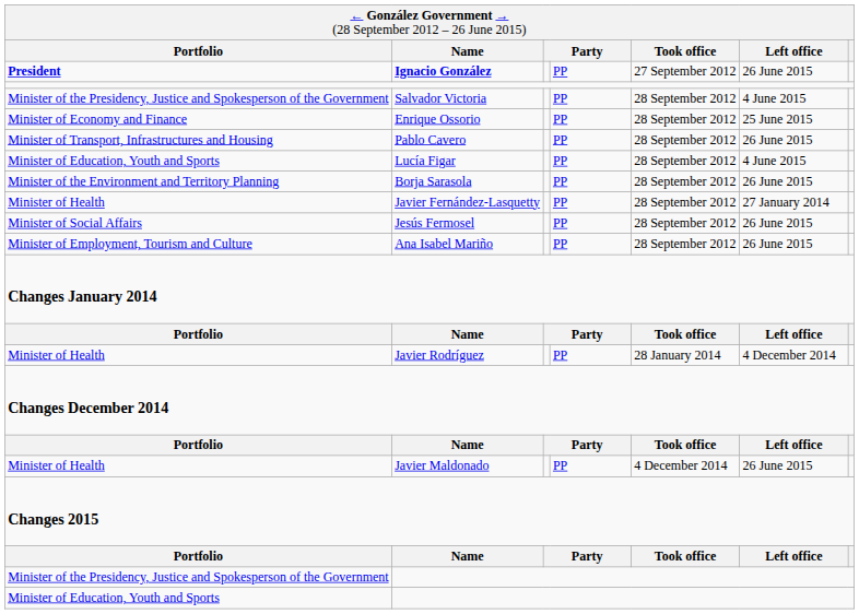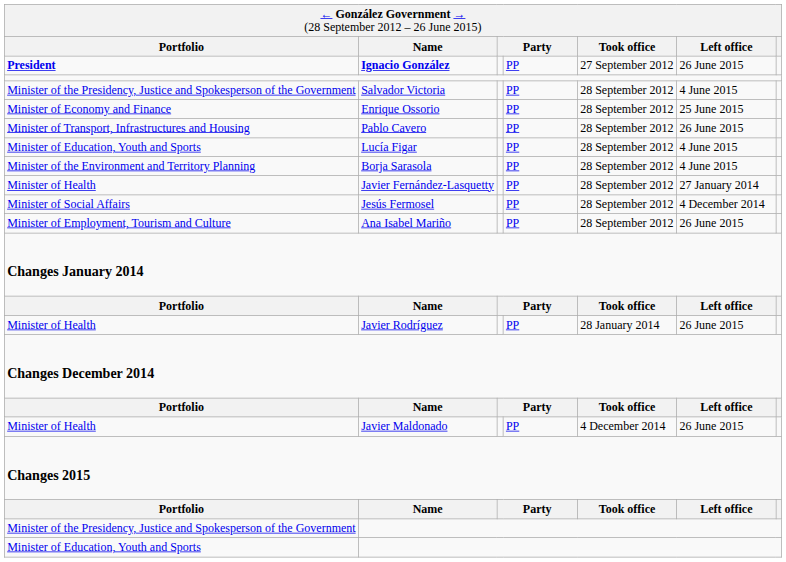 <table class="wikitable">
 <tr>
 <td colspan="7" bgcolor="#F2F2F2" align="center"><a href='#'>←</a> <strong>González Government</strong> <a href='#'>→</a><br>(28 September 2012 – 26 June 2015)</td>
 </tr>
 <tr>
 <th>Portfolio</th>
 <th>Name</th>
 <th width="100px" colspan="2">Party</th>
 <th width="125px">Took office</th>
 <th width="125px">Left office</th>
 <th></th>
 </tr>
 <tr>
 <td><strong><a href='#'>President</a></strong></td>
 <td><strong><a href='#'>Ignacio González</a></strong></td>
 <td width="1" style="background-color:"></td>
 <td><a href='#'>PP</a></td>
 <td>27 September 2012</td>
 <td>26 June 2015</td>
 <td align="center"></td>
 </tr>
 <tr>
 <td colspan="7"></td>
 </tr>
 <tr>
 <td><a href='#'>Minister of the Presidency, Justice and Spokesperson of the Government</a></td>
 <td><a href='#'>Salvador Victoria</a></td>
 <td style="background-color:"></td>
 <td><a href='#'>PP</a></td>
 <td>28 September 2012</td>
 <td>4 June 2015</td>
 <td align="center"></td>
 </tr>
 <tr>
 <td><a href='#'>Minister of Economy and Finance</a></td>
 <td><a href='#'>Enrique Ossorio</a></td>
 <td style="background-color:"></td>
 <td><a href='#'>PP</a></td>
 <td>28 September 2012</td>
 <td>25 June 2015</td>
 <td align="center"></td>
 </tr>
 <tr>
 <td><a href='#'>Minister of Transport, Infrastructures and Housing</a></td>
 <td><a href='#'>Pablo Cavero</a></td>
 <td style="background-color:"></td>
 <td><a href='#'>PP</a></td>
 <td>28 September 2012</td>
 <td>26 June 2015</td>
 <td align="center"></td>
 </tr>
 <tr>
 <td><a href='#'>Minister of Education, Youth and Sports</a></td>
 <td><a href='#'>Lucía Figar</a></td>
 <td style="background-color:"></td>
 <td><a href='#'>PP</a></td>
 <td>28 September 2012</td>
 <td>4 June 2015</td>
 <td align="center"></td>
 </tr>
 <tr>
 <td><a href='#'>Minister of the Environment and Territory Planning</a></td>
 <td><a href='#'>Borja Sarasola</a></td>
 <td style="background-color:"></td>
 <td><a href='#'>PP</a></td>
 <td>28 September 2012</td>
-<td>26 June 2015</td>
+<td>4 June 2015</td>
 <td align="center"></td>
 </tr>
 <tr>
 <td><a href='#'>Minister of Health</a></td>
 <td><a href='#'>Javier Fernández-Lasquetty</a></td>
 <td style="background-color:"></td>
 <td><a href='#'>PP</a></td>
 <td>28 September 2012</td>
 <td>27 January 2014</td>
 <td align="center"></td>
 </tr>
 <tr>
 <td><a href='#'>Minister of Social Affairs</a></td>
 <td><a href='#'>Jesús Fermosel</a></td>
 <td style="background-color:"></td>
 <td><a href='#'>PP</a></td>
 <td>28 September 2012</td>
-<td>26 June 2015</td>
+<td>4 December 2014</td>
 <td align="center"></td>
 </tr>
 <tr>
 <td><a href='#'>Minister of Employment, Tourism and Culture</a></td>
 <td><a href='#'>Ana Isabel Mariño</a></td>
 <td style="background-color:"></td>
 <td><a href='#'>PP</a></td>
 <td>28 September 2012</td>
 <td>26 June 2015</td>
 <td align="center"></td>
 </tr>
 <tr>
 <td colspan="7"><br><h3>Changes January 2014</h3></td>
 </tr>
 <tr>
 <th>Portfolio</th>
 <th>Name</th>
 <th colspan="2">Party</th>
 <th>Took office</th>
 <th>Left office</th>
 <th></th>
 </tr>
 <tr>
 <td><a href='#'>Minister of Health</a></td>
 <td><a href='#'>Javier Rodríguez</a></td>
 <td style="background-color:"></td>
 <td><a href='#'>PP</a></td>
 <td>28 January 2014</td>
-<td>4 December 2014</td>
+<td>26 June 2015</td>
 <td align="center"></td>
 </tr>
 <tr>
 <td colspan="7"><br><h3>Changes December 2014</h3></td>
 </tr>
 <tr>
 <th>Portfolio</th>
 <th>Name</th>
 <th colspan="2">Party</th>
 <th>Took office</th>
 <th>Left office</th>
 <th></th>
 </tr>
 <tr>
 <td><a href='#'>Minister of Health</a></td>
 <td><a href='#'>Javier Maldonado</a></td>
 <td style="background-color:"></td>
 <td><a href='#'>PP</a> </td>
 <td>4 December 2014</td>
 <td>26 June 2015</td>
 <td align="center"></td>
 </tr>
 <tr>
 <td colspan="7"><br><h3>Changes 2015</h3></td>
 </tr>
 <tr>
 <th>Portfolio</th>
 <th>Name</th>
 <th colspan="2">Party</th>
 <th>Took office</th>
 <th>Left office</th>
 <th></th>
 </tr>
 <tr>
 <td><a href='#'>Minister of the Presidency, Justice and Spokesperson of the Government</a></td>
 <td colspan="6"></td>
 </tr>
 <tr>
 <td><a href='#'>Minister of Education, Youth and Sports</a></td>
 <td colspan="6"></td>
 </tr>
 </table>
